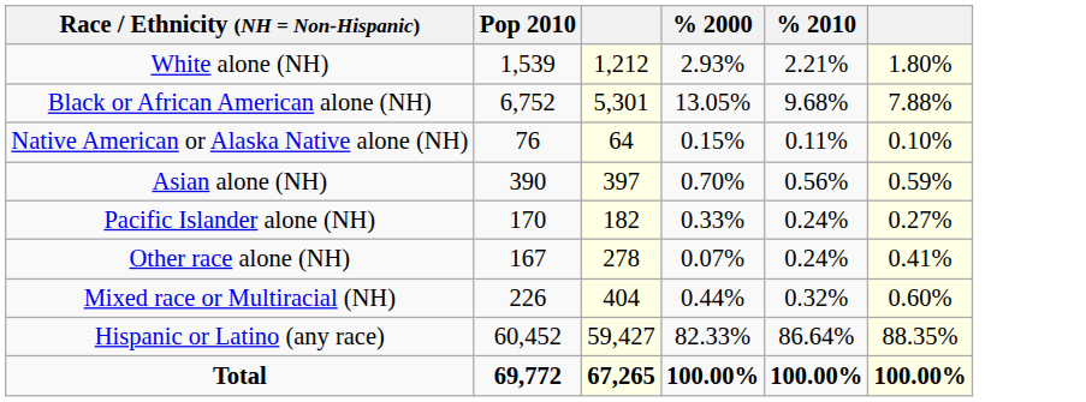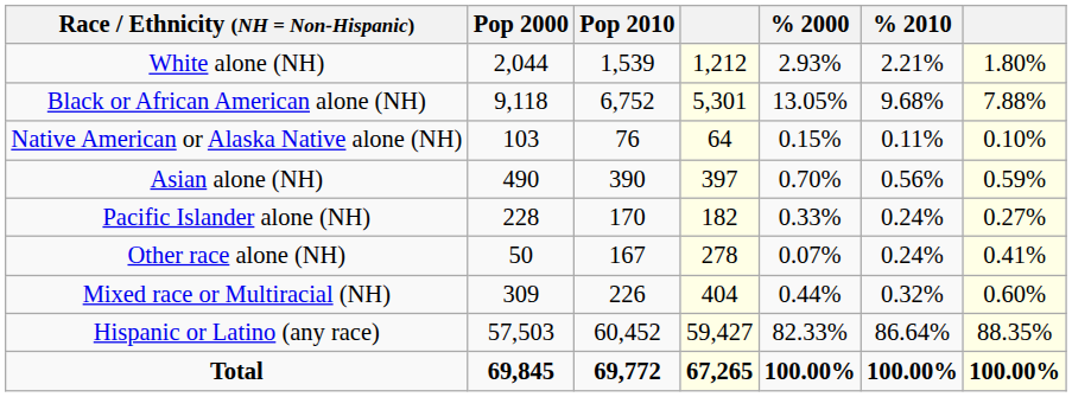 <table class="wikitable" style="text-align:center;">
 <tr>
 <th>Race / Ethnicity <small>(<em>NH = Non-Hispanic</em>)</small></th>
+<th>Pop 2000</th>
 <th>Pop 2010</th>
 <th></th>
 <th>% 2000</th>
 <th>% 2010</th>
 <th></th>
 </tr>
 <tr>
 <td><a href='#'>White</a> alone (NH)</td>
+<td>2,044</td>
 <td>1,539</td>
 <td style='background: #ffffe6;'>1,212</td>
 <td>2.93%</td>
 <td>2.21%</td>
 <td style='background: #ffffe6;'>1.80%</td>
 </tr>
 <tr>
 <td><a href='#'>Black or African American</a> alone (NH)</td>
+<td>9,118</td>
 <td>6,752</td>
 <td style='background: #ffffe6;'>5,301</td>
 <td>13.05%</td>
 <td>9.68%</td>
 <td style='background: #ffffe6;'>7.88%</td>
 </tr>
 <tr>
 <td><a href='#'>Native American</a> or <a href='#'>Alaska Native</a> alone (NH)</td>
+<td>103</td>
 <td>76</td>
 <td style='background: #ffffe6;'>64</td>
 <td>0.15%</td>
 <td>0.11%</td>
 <td style='background: #ffffe6;'>0.10%</td>
 </tr>
 <tr>
 <td><a href='#'>Asian</a> alone (NH)</td>
+<td>490</td>
 <td>390</td>
 <td style='background: #ffffe6;'>397</td>
 <td>0.70%</td>
 <td>0.56%</td>
 <td style='background: #ffffe6;'>0.59%</td>
 </tr>
 <tr>
 <td><a href='#'>Pacific Islander</a> alone (NH)</td>
+<td>228</td>
 <td>170</td>
 <td style='background: #ffffe6;'>182</td>
 <td>0.33%</td>
 <td>0.24%</td>
 <td style='background: #ffffe6;'>0.27%</td>
 </tr>
 <tr>
 <td><a href='#'>Other race</a> alone (NH)</td>
+<td>50</td>
 <td>167</td>
 <td style='background: #ffffe6;'>278</td>
 <td>0.07%</td>
 <td>0.24%</td>
 <td style='background: #ffffe6;'>0.41%</td>
 </tr>
 <tr>
 <td><a href='#'>Mixed race or Multiracial</a> (NH)</td>
+<td>309</td>
 <td>226</td>
 <td style='background: #ffffe6;'>404</td>
 <td>0.44%</td>
 <td>0.32%</td>
 <td style='background: #ffffe6;'>0.60%</td>
 </tr>
 <tr>
 <td><a href='#'>Hispanic or Latino</a> (any race)</td>
+<td>57,503</td>
 <td>60,452</td>
 <td style='background: #ffffe6;'>59,427</td>
 <td>82.33%</td>
 <td>86.64%</td>
 <td style='background: #ffffe6;'>88.35%</td>
 </tr>
 <tr>
 <td><strong>Total</strong></td>
+<td><strong>69,845</strong></td>
 <td><strong>69,772</strong></td>
 <td style='background: #ffffe6;'><strong>67,265</strong></td>
 <td><strong>100.00%</strong></td>
 <td><strong>100.00%</strong></td>
 <td style='background: #ffffe6;'><strong>100.00%</strong></td>
 </tr>
 </table>
